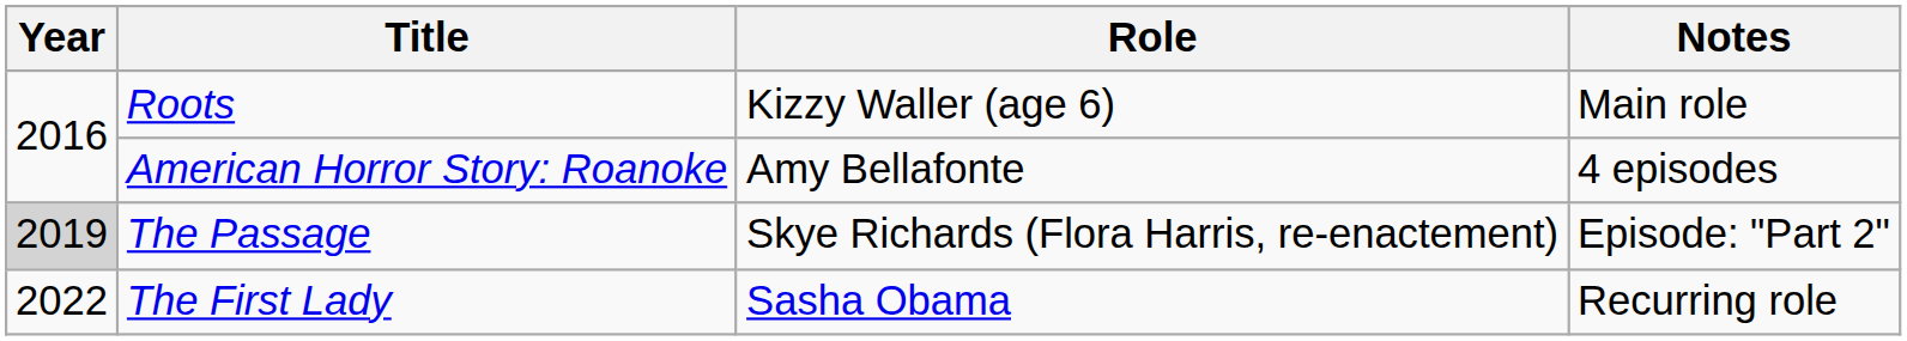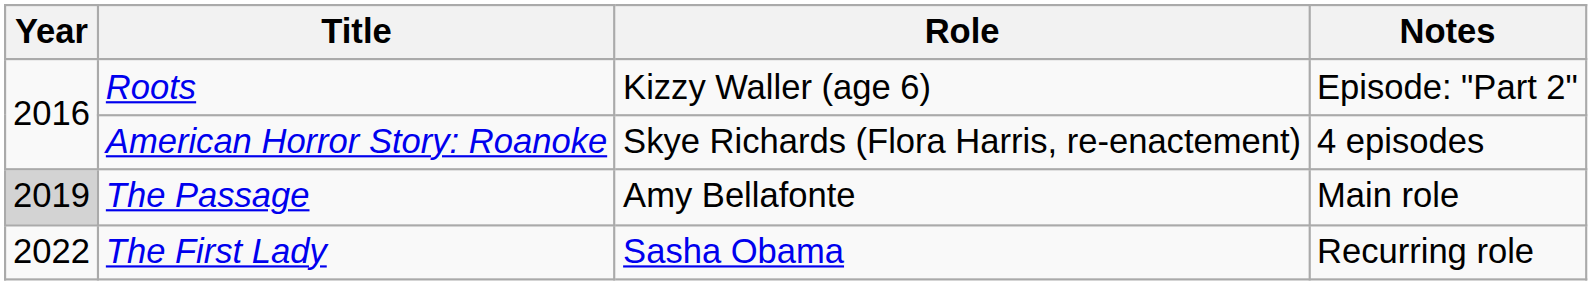 <table class="wikitable">
 <tr>
 <th>Year</th>
 <th>Title</th>
 <th>Role</th>
 <th>Notes</th>
 </tr>
 <tr>
 <td rowspan=2>2016</td>
 <td><em><a href='#'>Roots</a></em></td>
 <td>Kizzy Waller (age 6)</td>
-<td>Main role</td>
+<td>Episode: "Part 2"</td>
 </tr>
 <tr>
 <td><em><a href='#'>American Horror Story: Roanoke</a></em></td>
-<td>Amy Bellafonte</td>
+<td>Skye Richards (Flora Harris, re-enactement)</td>
 <td>4 episodes</td>
 </tr>
 <tr>
 <td style="background: lightgrey;">2019</td>
 <td><em><a href='#'>The Passage</a></em></td>
-<td>Skye Richards (Flora Harris, re-enactement)</td>
-<td>Episode: "Part 2"</td>
+<td>Amy Bellafonte</td>
+<td>Main role</td>
 </tr>
 <tr>
 <td>2022</td>
 <td><em><a href='#'>The First Lady</a></em></td>
 <td><a href='#'>Sasha Obama</a></td>
 <td>Recurring role</td>
 </tr>
 </table>
